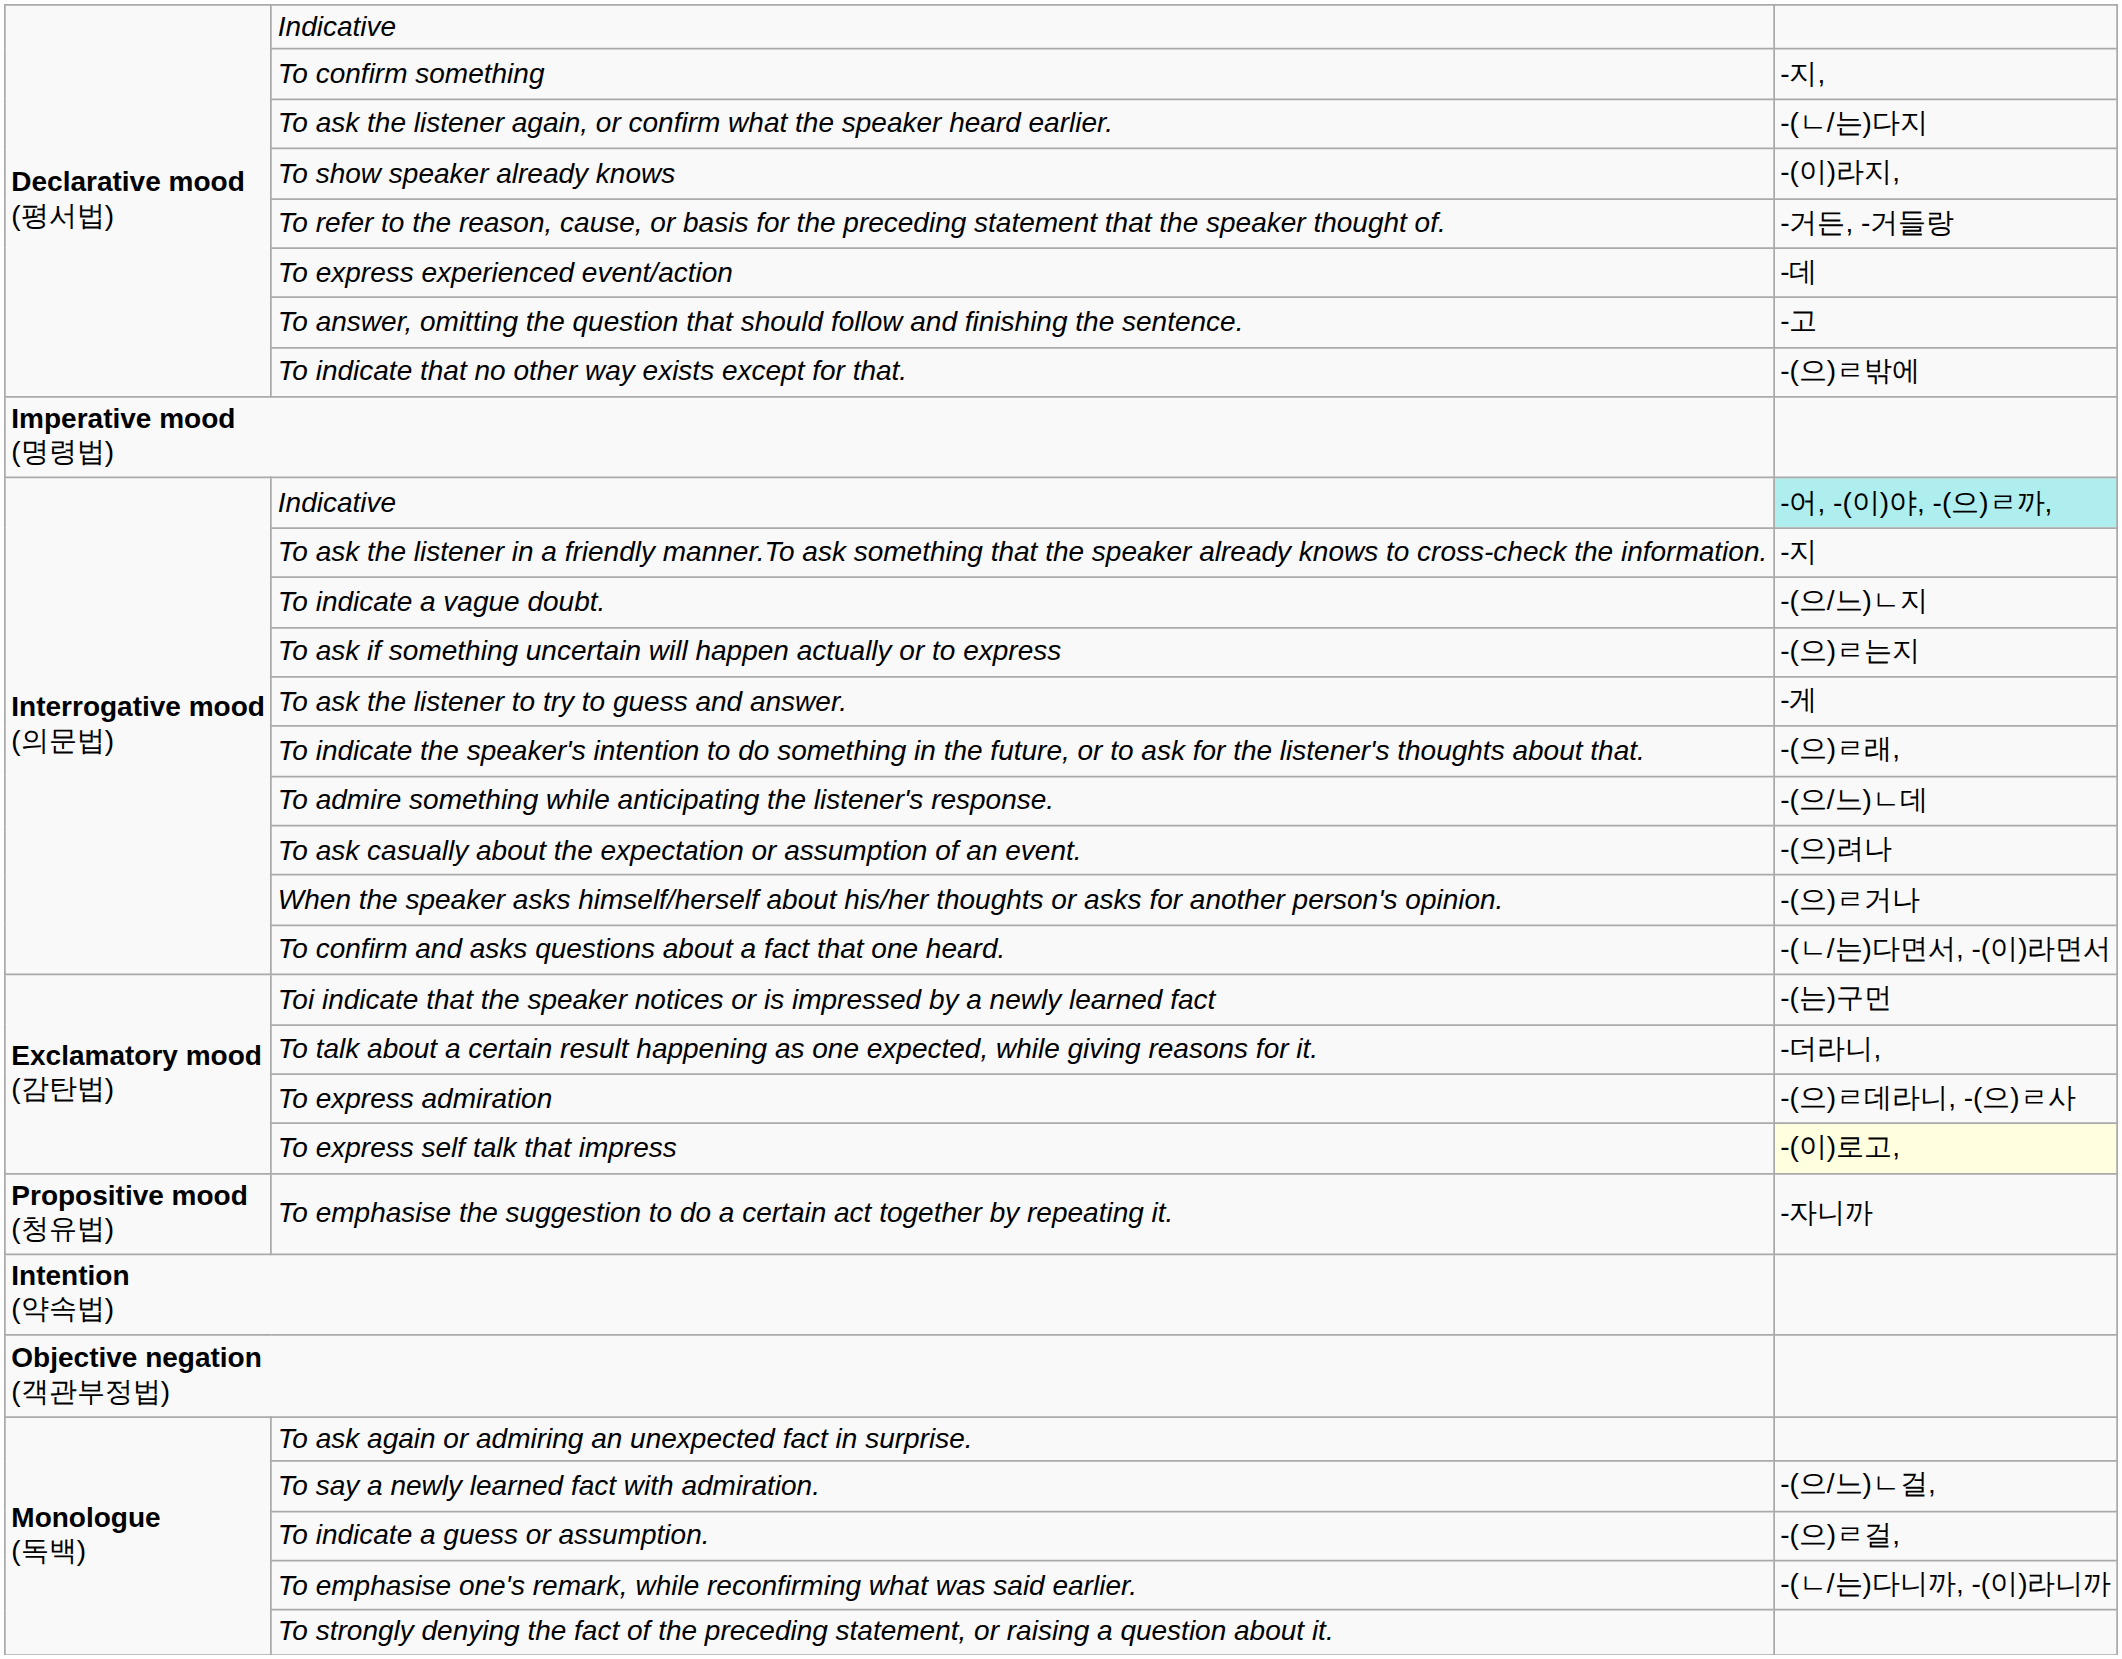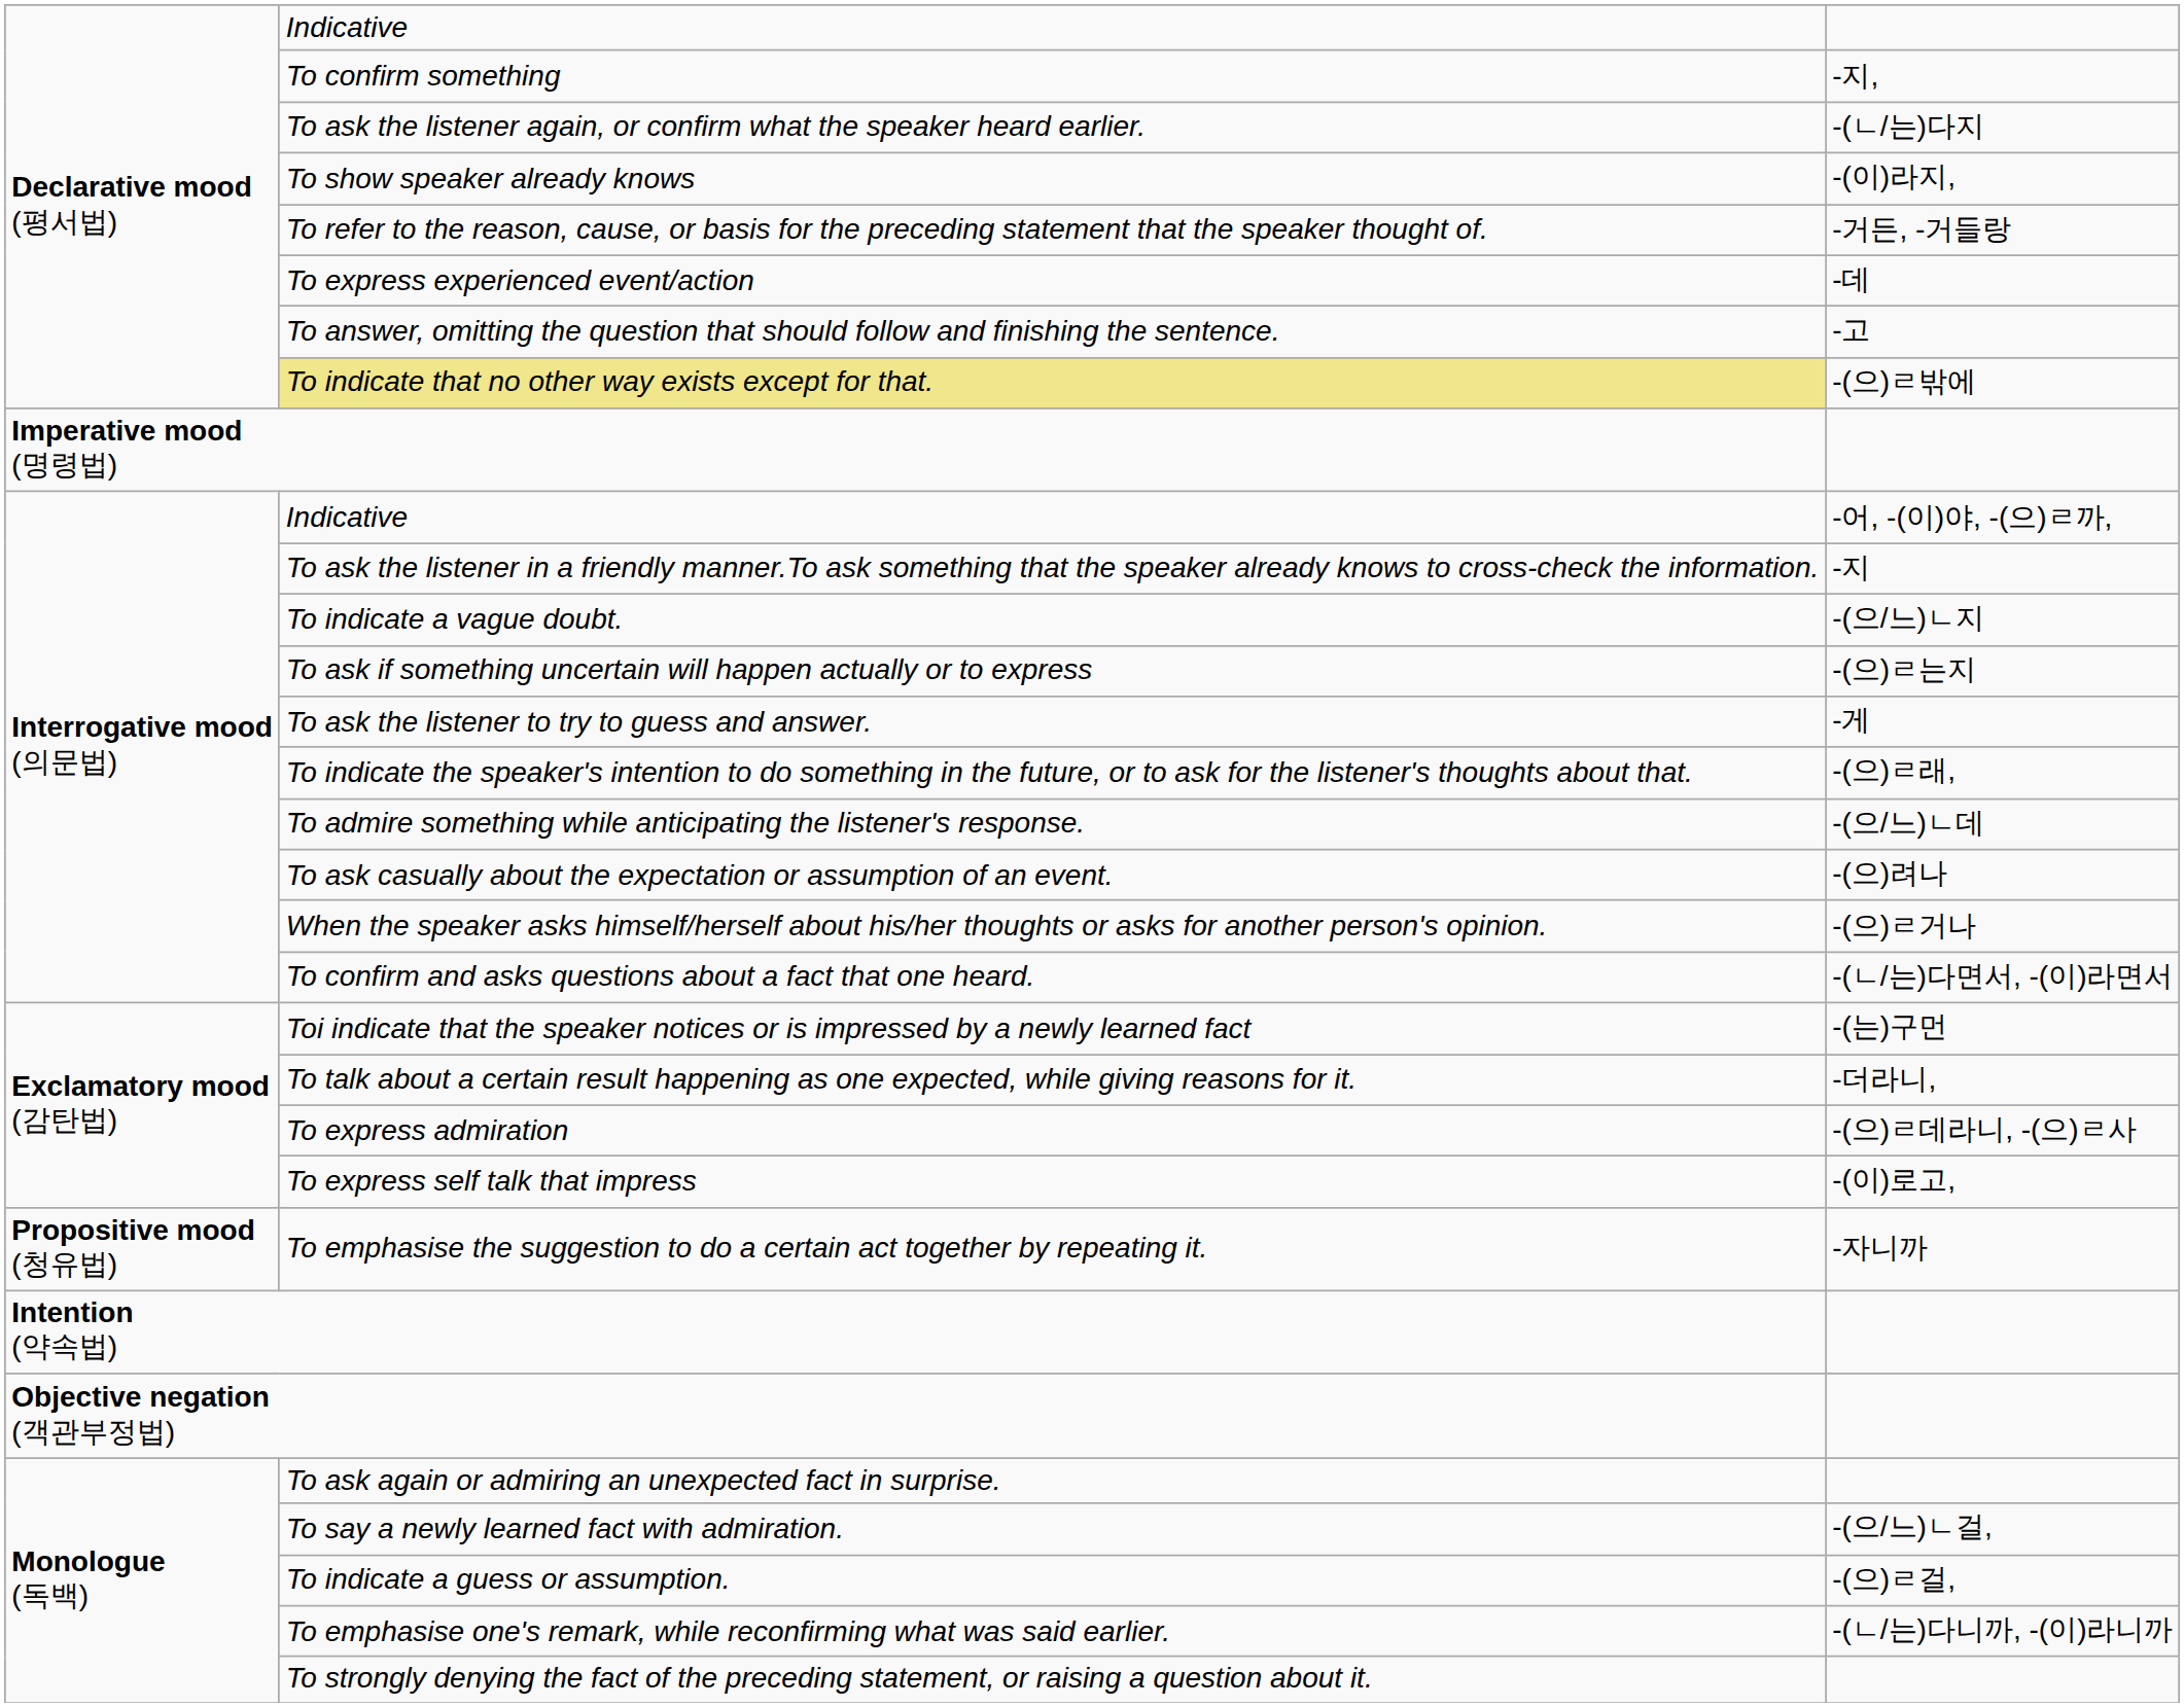 <table class="wikitable">
 <tr>
 <td rowspan="8"><strong>Declarative mood</strong><br>(평서법)</td>
 <td><em>Indicative</em></td>
 <td></td>
 </tr>
 <tr>
 <td><em>To confirm something</em></td>
 <td>-지,</td>
 </tr>
 <tr>
 <td><em>To ask the listener again, or confirm what the speaker heard earlier.</em></td>
 <td>-(ㄴ/는)다지</td>
 </tr>
 <tr>
 <td><em>To show speaker already knows</em></td>
 <td>-(이)라지,</td>
 </tr>
 <tr>
 <td><em>To refer to the reason, cause, or basis for the preceding statement that the speaker thought of.</em></td>
 <td>-거든, -거들랑</td>
 </tr>
 <tr>
 <td><em>To express experienced event/action</em></td>
 <td>-데</td>
 </tr>
 <tr>
 <td><em>To   answer, omitting the question that should follow and finishing the sentence.</em></td>
 <td>-고</td>
 </tr>
 <tr>
-<td><em>To indicate that no other way exists except for that.</em></td>
+<td style="background: khaki;"><em>To indicate that no other way exists except for that.</em></td>
 <td>-(으)ㄹ밖에</td>
 </tr>
 <tr>
 <td colspan="2"><strong>Imperative mood</strong><br>(명령법)</td>
 <td></td>
 </tr>
 <tr>
 <td rowspan="10"><strong>Interrogative mood</strong><br>(의문법)</td>
 <td><em>Indicative</em></td>
-<td style="background: paleturquoise;">-어, -(이)야,   -(으)ㄹ까,</td>
+<td>-어, -(이)야,   -(으)ㄹ까,</td>
 </tr>
 <tr>
 <td><em>To ask the listener in a friendly manner.To ask something that the speaker already knows to cross-check the information.</em></td>
 <td>-지</td>
 </tr>
 <tr>
 <td><em>To indicate a vague doubt.</em></td>
 <td>-(으/느)ㄴ지</td>
 </tr>
 <tr>
 <td><em>To ask if something uncertain will happen actually or to express</em></td>
 <td>-(으)ㄹ는지</td>
 </tr>
 <tr>
 <td><em>To ask the listener to try to guess and answer.</em></td>
 <td>-게</td>
 </tr>
 <tr>
 <td><em>To indicate the speaker's intention to do something in the future, or to ask for the listener's thoughts about that.</em></td>
 <td>-(으)ㄹ래,</td>
 </tr>
 <tr>
 <td><em>To  admire something while anticipating the listener's response.</em></td>
 <td>-(으/느)ㄴ데</td>
 </tr>
 <tr>
 <td><em>To ask casually about the expectation or assumption of an event.</em></td>
 <td>-(으)려나</td>
 </tr>
 <tr>
 <td><em>When the speaker asks himself/herself about his/her thoughts or asks for another person's opinion.</em></td>
 <td>-(으)ㄹ거나</td>
 </tr>
 <tr>
 <td><em>To confirm and asks questions about a fact that one heard.</em></td>
 <td>-(ㄴ/는)다면서,  -(이)라면서</td>
 </tr>
 <tr>
 <td rowspan="4"><strong>Exclamatory mood</strong><br>(감탄법)</td>
 <td><em>Toi indicate that the speaker notices or is impressed by a newly learned fact</em></td>
 <td>-(는)구먼</td>
 </tr>
 <tr>
 <td><em>To talk about a certain result happening as one expected, while giving reasons for it.</em></td>
 <td>-더라니,</td>
 </tr>
 <tr>
 <td><em>To express admiration</em></td>
 <td>-(으)ㄹ데라니,   -(으)ㄹ사</td>
 </tr>
 <tr>
 <td><em>To express self talk that impress</em></td>
-<td style="background: lightyellow;">-(이)로고,</td>
+<td>-(이)로고,</td>
 </tr>
 <tr>
 <td><strong>Propositive mood</strong><br>(청유법)</td>
 <td><em>To  emphasise the suggestion to do a certain act together by repeating it.</em></td>
 <td>-자니까</td>
 </tr>
 <tr>
 <td colspan="2"><strong>Intention</strong><br>(약속법)</td>
 <td></td>
 </tr>
 <tr>
 <td colspan="2"><strong>Objective negation</strong><br>(객관부정법)</td>
 <td></td>
 </tr>
 <tr>
 <td rowspan="5"><strong>Monologue</strong><br>(독백)</td>
 <td><em>To ask again or admiring an unexpected fact in surprise.</em></td>
 <td></td>
 </tr>
 <tr>
 <td><em>To say a newly learned fact with admiration.</em></td>
 <td>-(으/느)ㄴ걸,</td>
 </tr>
 <tr>
 <td><em>To  indicate a guess or assumption.</em></td>
 <td>-(으)ㄹ걸,</td>
 </tr>
 <tr>
 <td><em>To emphasise one's remark, while reconfirming what was said earlier.</em></td>
 <td>-(ㄴ/는)다니까,  -(이)라니까</td>
 </tr>
 <tr>
 <td><em>To strongly denying the fact of the preceding statement, or raising a question about it.</em></td>
 <td></td>
 </tr>
 </table>
